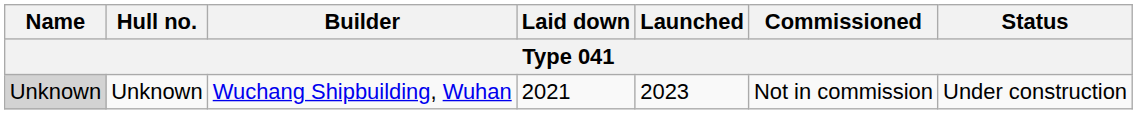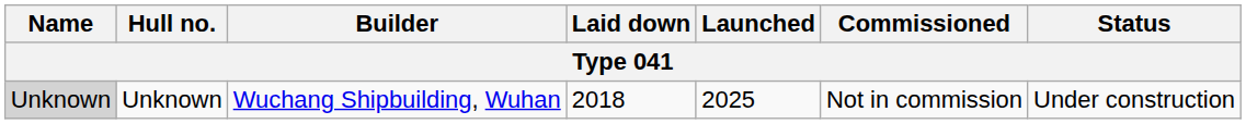 <table class="wikitable">
 <tr>
 <th>Name</th>
 <th>Hull no.</th>
 <th>Builder</th>
 <th>Laid down</th>
 <th>Launched</th>
 <th>Commissioned</th>
 <th>Status</th>
 </tr>
 <tr>
 <th colspan="7">Type 041</th>
 </tr>
 <tr>
 <td style="background: lightgrey;">Unknown</td>
 <td>Unknown</td>
 <td rowspan="4"><a href='#'>Wuchang Shipbuilding</a>, <a href='#'>Wuhan</a></td>
-<td>2021</td>
-<td>2023</td>
+<td>2018</td>
+<td>2025</td>
 <td>Not in commission</td>
 <td>Under construction</td>
 </tr>
 </table>
